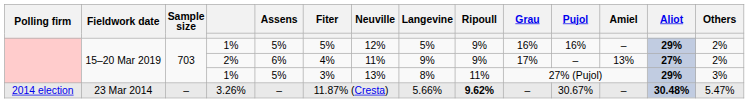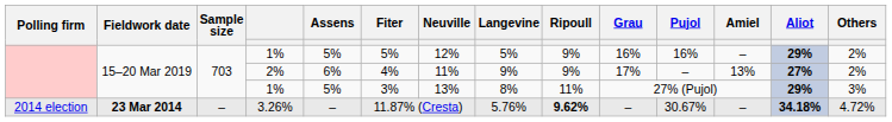 <table class="wikitable sortable" style="text-align:center;font-size:90%;line-height:14px;">
 <tr style="height:40px;">
 <th style="width:100px;" rowspan="2">Polling firm</th>
 <th style="width:110px;" rowspan="2">Fieldwork date</th>
 <th style="width:35px;" rowspan="2">Sample<br>size</th>
 <th class="unsortable" style="width:60px;"></th>
 <th class="unsortable" style="width:60px;">Assens<br></th>
 <th class="unsortable" style="width:60px;">Fiter<br></th>
 <th class="unsortable" style="width:60px;">Neuville<br></th>
 <th class="unsortable" style="width:60px;">Langevine<br></th>
 <th class="unsortable" style="width:60px;">Ripoull<br></th>
 <th class="unsortable" style="width:60px;"><a href='#'>Grau</a><br></th>
 <th class="unsortable" style="width:60px;"><a href='#'>Pujol</a><br></th>
 <th class="unsortable" style="width:60px;">Amiel<br></th>
 <th class="unsortable" style="width:60px;"><a href='#'>Aliot</a><br></th>
 <th class="unsortable" style="width:60px;">Others</th>
 </tr>
 <tr>
 <th style="background:"></th>
 <th style="background:"></th>
 <th style="background:"></th>
 <th style="background:"></th>
 <th style="background:"></th>
 <th style="background:"></th>
 <th style="background:"></th>
 <th style="background:"></th>
 <th style="background:"></th>
 <th style="background:"></th>
 <th style="background:"></th>
 </tr>
 <tr>
 <td rowspan="3" style="background:#FFCCCC;"></td>
 <td rowspan="3" data-sort-value="2019-03-20">15–20 Mar 2019</td>
 <td rowspan="3">703</td>
 <td>1%</td>
 <td>5%</td>
 <td>5%</td>
 <td>12%</td>
 <td>5%</td>
 <td>9%</td>
 <td>16%</td>
 <td>16%</td>
 <td>–</td>
 <td style="background:#C1CCE1;"><strong>29%</strong></td>
 <td>2%</td>
 </tr>
 <tr>
 <td>2%</td>
 <td>6%</td>
 <td>4%</td>
 <td>11%</td>
 <td>9%</td>
 <td>9%</td>
 <td>17%</td>
 <td>–</td>
 <td>13%</td>
 <td style="background:#C1CCE1;"><strong>27%</strong></td>
 <td>2%</td>
 </tr>
 <tr>
 <td>1%</td>
 <td>5%</td>
 <td>3%</td>
 <td>13%</td>
 <td>8%</td>
 <td>11%</td>
 <td colspan="3">27% (Pujol)</td>
 <td style="background:#C1CCE1;"><strong>29%</strong></td>
 <td>3%</td>
 </tr>
 <tr style="background:#E9E9E9;">
 <td><a href='#'>2014 election</a></td>
-<td data-sort-value="2014-03-23">23 Mar 2014</td>
+<td data-sort-value="2014-03-23"><strong>23 Mar 2014</strong></td>
 <td>–</td>
 <td>3.26%</td>
 <td>–</td>
 <td colspan="2">11.87% (<a href='#'>Cresta</a>)</td>
-<td>5.66%</td>
+<td>5.76%</td>
 <td><strong>9.62%</strong></td>
 <td>–</td>
 <td>30.67%</td>
 <td>–</td>
-<td style="background:#C1CCE1;"><strong>30.48%</strong></td>
-<td>5.47%</td>
+<td style="background:#C1CCE1;"><strong>34.18%</strong></td>
+<td>4.72%</td>
 </tr>
 </table>
